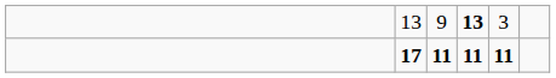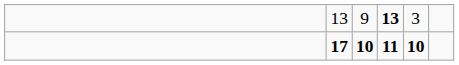 <table class="wikitable">
 <tr>
 <td style="width:18em"></td>
 <td align=center style="width:1em">13</td>
 <td align=center style="width:1em">9</td>
 <td align=center style="width:1em"><strong>13</strong></td>
 <td align=center style="width:1em">3</td>
 <td align=center style="width:1em"></td>
 </tr>
 <tr>
 <td style="width:18em"><strong></strong></td>
 <td align=center style="width:1em"><strong>17</strong></td>
+<td align=center style="width:1em"><strong>10</strong></td>
 <td align=center style="width:1em"><strong>11</strong></td>
-<td align=center style="width:1em"><strong>11</strong></td>
-<td align=center style="width:1em"><strong>11</strong></td>
+<td align=center style="width:1em"><strong>10</strong></td>
 <td align=center style="width:1em"></td>
 </tr>
 </table>
